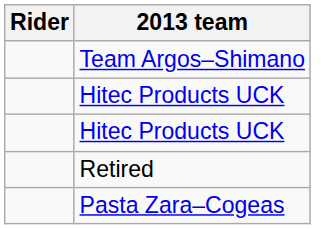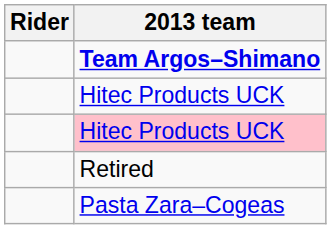 <table class="wikitable">
 <tr>
 <th>Rider</th>
 <th>2013 team</th>
 </tr>
 <tr>
 <td></td>
-<td><a href='#'>Team Argos–Shimano</a></td>
+<td><strong><a href='#'>Team Argos–Shimano</a></strong></td>
 </tr>
 <tr>
 <td></td>
 <td><a href='#'>Hitec Products UCK</a></td>
 </tr>
 <tr>
 <td></td>
-<td><a href='#'>Hitec Products UCK</a></td>
+<td style="background: pink;"><a href='#'>Hitec Products UCK</a></td>
 </tr>
 <tr>
 <td></td>
 <td>Retired</td>
 </tr>
 <tr>
 <td></td>
 <td><a href='#'>Pasta Zara–Cogeas</a></td>
 </tr>
 </table>
